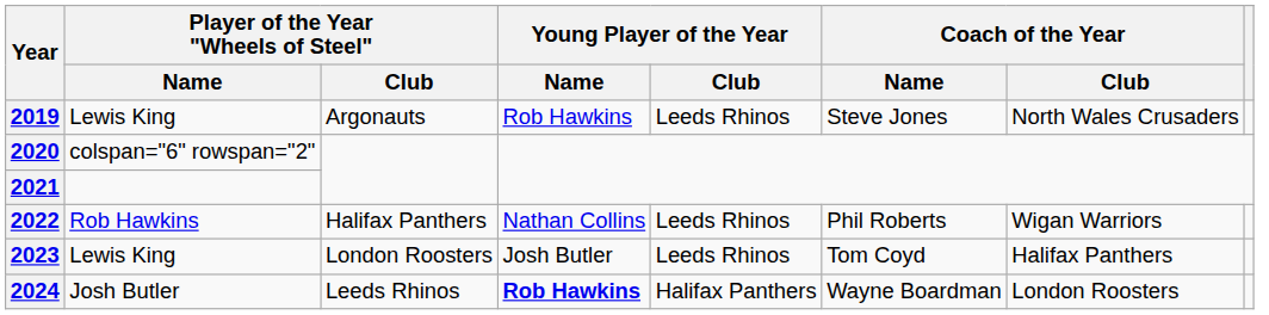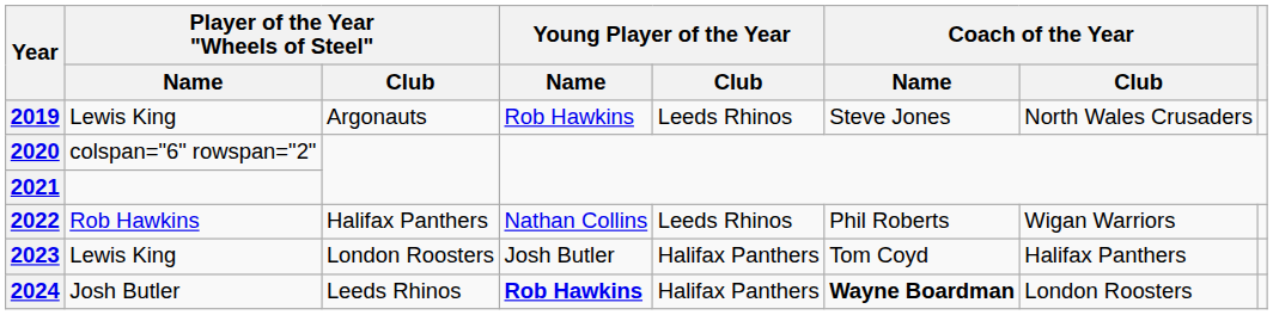 <table class="wikitable">
 <tr>
 <th rowspan=2>Year</th>
 <th colspan=2>Player of the Year<br>"Wheels of Steel"</th>
 <th colspan=2>Young Player of the Year</th>
 <th colspan=2>Coach of the Year</th>
 <th rowspan=2></th>
 </tr>
 <tr>
 <th>Name</th>
 <th>Club</th>
 <th>Name</th>
 <th>Club</th>
 <th>Name</th>
 <th>Club</th>
 </tr>
 <tr>
 <th scope=row><a href='#'>2019</a></th>
 <td>Lewis King</td>
 <td>Argonauts</td>
 <td><a href='#'>Rob Hawkins</a></td>
 <td> Leeds Rhinos</td>
 <td>Steve Jones</td>
 <td> North Wales Crusaders</td>
 <td></td>
 </tr>
 <tr>
 <th scope=row><a href='#'>2020</a></th>
 <td>colspan="6" rowspan="2" </td>
 <td rowspan=2></td>
 </tr>
 <tr>
 <th scope=row><a href='#'>2021</a></th>
 </tr>
 <tr>
 <th scope=row><a href='#'>2022</a></th>
 <td><a href='#'>Rob Hawkins</a></td>
 <td> Halifax Panthers</td>
 <td><a href='#'>Nathan Collins</a></td>
 <td> Leeds Rhinos</td>
 <td>Phil Roberts</td>
 <td> Wigan Warriors</td>
 <td></td>
 </tr>
 <tr>
 <th scope=row><a href='#'>2023</a></th>
 <td>Lewis King</td>
 <td> London Roosters</td>
 <td>Josh Butler</td>
-<td> Leeds Rhinos</td>
+<td> Halifax Panthers</td>
 <td>Tom Coyd</td>
 <td> Halifax Panthers</td>
 <td></td>
 </tr>
 <tr>
 <th scope=row><a href='#'>2024</a></th>
 <td>Josh Butler</td>
 <td> Leeds Rhinos</td>
 <td><strong><a href='#'>Rob Hawkins</a></strong></td>
 <td> Halifax Panthers</td>
-<td>Wayne Boardman</td>
+<td><strong>Wayne Boardman</strong></td>
 <td> London Roosters</td>
 <td></td>
 </tr>
 </table>
